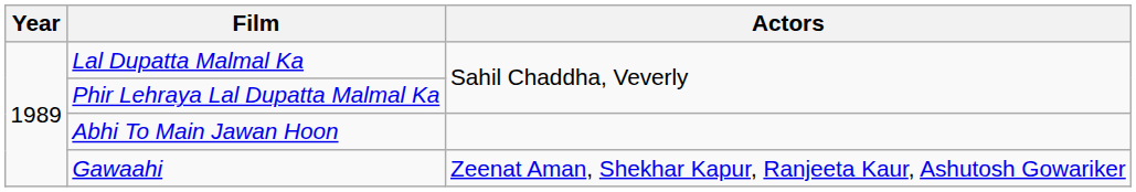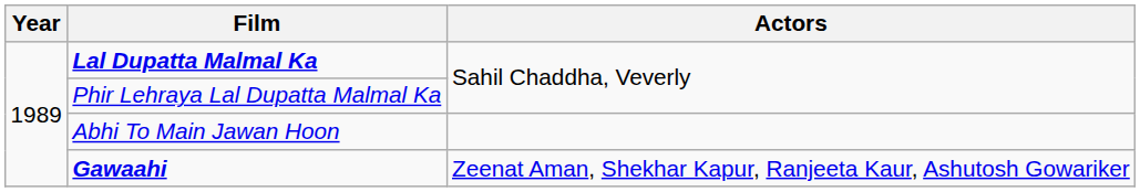 <table class="wikitable" style="font-size:90%">
 <tr>
 <th>Year</th>
 <th>Film</th>
 <th>Actors</th>
 </tr>
 <tr>
 <td rowspan="4">1989</td>
-<td><em><a href='#'>Lal Dupatta Malmal Ka</a></em></td>
+<td><strong><em><a href='#'>Lal Dupatta Malmal Ka</a></em></strong></td>
 <td rowspan="2">Sahil Chaddha, Veverly</td>
 </tr>
 <tr>
 <td><em><a href='#'>Phir Lehraya Lal Dupatta Malmal Ka</a></em></td>
 </tr>
 <tr>
 <td><em><a href='#'>Abhi To Main Jawan Hoon</a></em></td>
 <td></td>
 </tr>
 <tr>
-<td><em><a href='#'>Gawaahi</a></em></td>
+<td><strong><em><a href='#'>Gawaahi</a></em></strong></td>
 <td><a href='#'>Zeenat Aman</a>, <a href='#'>Shekhar Kapur</a>, <a href='#'>Ranjeeta Kaur</a>, <a href='#'>Ashutosh Gowariker</a></td>
 </tr>
 </table>
